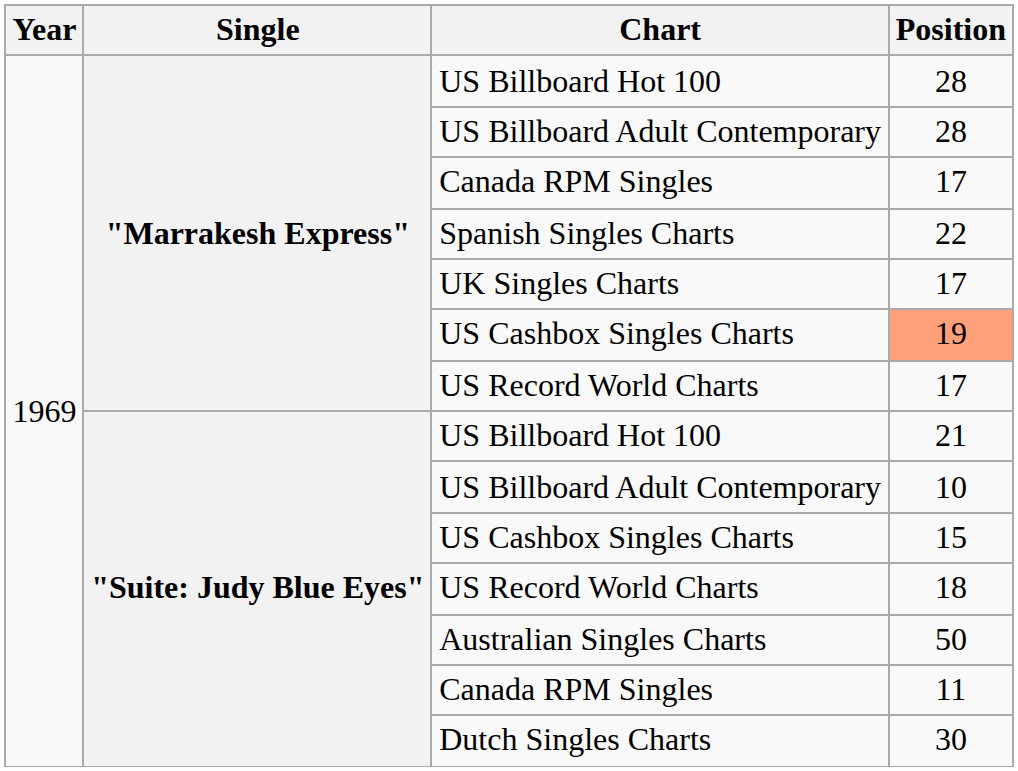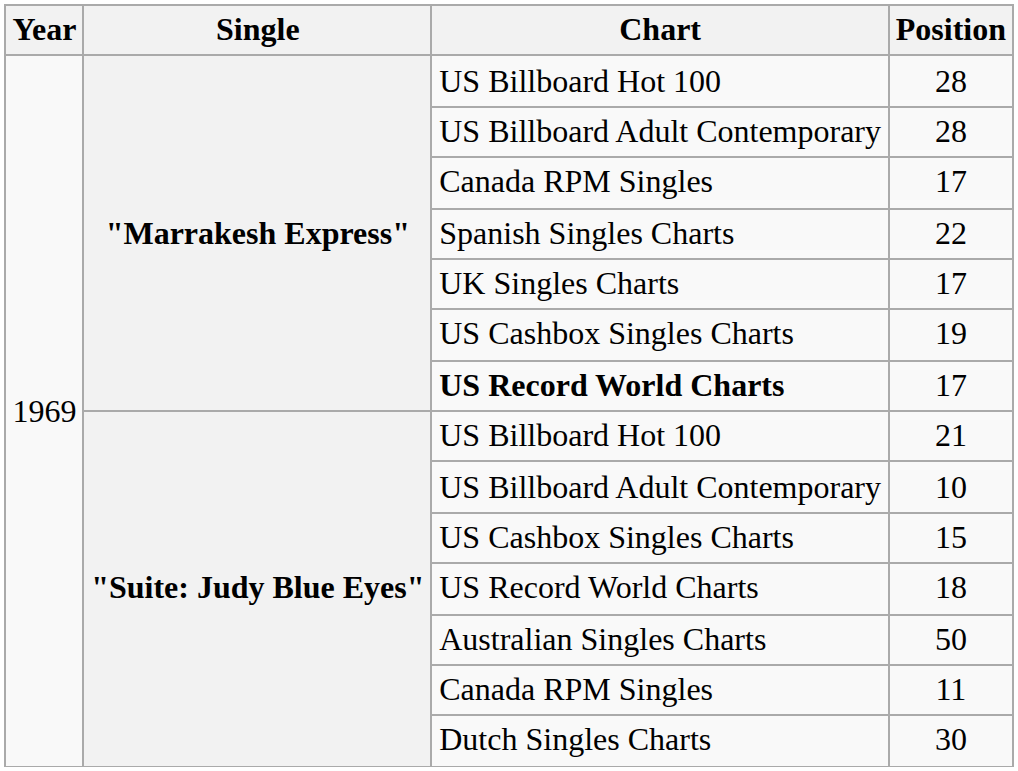 <table class="wikitable plainrowheaders">
 <tr>
 <th>Year</th>
 <th>Single</th>
 <th>Chart</th>
 <th>Position</th>
 </tr>
 <tr>
 <td rowspan="14">1969</td>
 <th rowspan="7" scope="row">"Marrakesh Express"</th>
 <td>US Billboard Hot 100</td>
 <td style="text-align:center;">28</td>
 </tr>
 <tr>
 <td>US Billboard Adult Contemporary</td>
 <td style="text-align:center;">28</td>
 </tr>
 <tr>
 <td>Canada RPM Singles</td>
 <td style="text-align:center;">17</td>
 </tr>
 <tr>
 <td>Spanish Singles Charts</td>
 <td style="text-align:center;">22</td>
 </tr>
 <tr>
 <td>UK Singles Charts</td>
 <td style="text-align:center;">17</td>
 </tr>
 <tr>
 <td>US Cashbox Singles Charts</td>
-<td style="background: lightsalmon; text-align:center;">19</td>
+<td style="text-align:center;">19</td>
 </tr>
 <tr>
-<td>US Record World Charts</td>
+<td><strong>US Record World Charts</strong></td>
 <td style="text-align:center;">17</td>
 </tr>
 <tr>
 <th rowspan="7" scope="row">"Suite: Judy Blue Eyes"</th>
 <td>US Billboard Hot 100</td>
 <td style="text-align:center;">21</td>
 </tr>
 <tr>
 <td>US Billboard Adult Contemporary</td>
 <td style="text-align:center;">10</td>
 </tr>
 <tr>
 <td>US Cashbox Singles Charts</td>
 <td style="text-align:center;">15</td>
 </tr>
 <tr>
 <td>US Record World Charts</td>
 <td style="text-align:center;">18</td>
 </tr>
 <tr>
 <td>Australian Singles Charts</td>
 <td style="text-align:center;">50</td>
 </tr>
 <tr>
 <td>Canada RPM Singles</td>
 <td style="text-align:center;">11</td>
 </tr>
 <tr>
 <td>Dutch Singles Charts</td>
 <td style="text-align:center;">30</td>
 </tr>
 </table>
